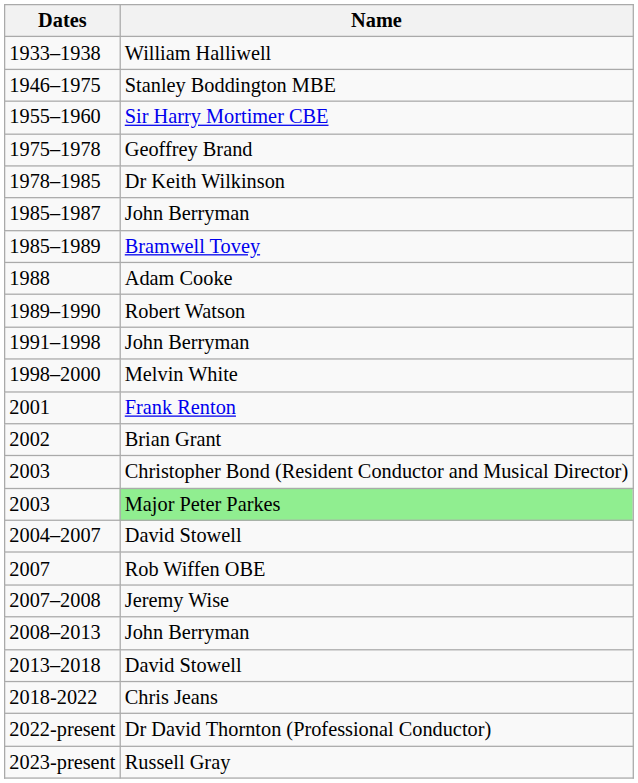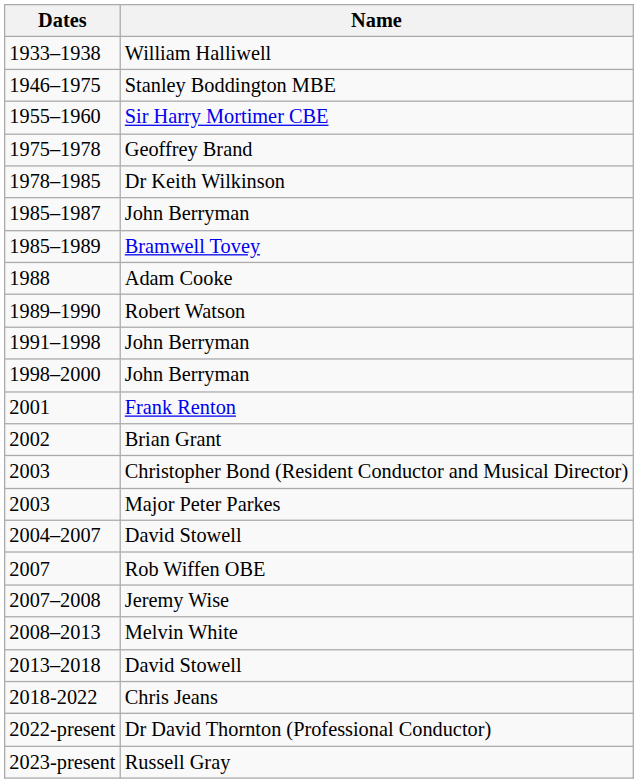 <table class="wikitable">
 <tr>
 <th>Dates</th>
 <th>Name</th>
 </tr>
 <tr>
 <td>1933–1938</td>
 <td>William Halliwell</td>
 </tr>
 <tr>
 <td>1946–1975</td>
 <td>Stanley Boddington MBE</td>
 </tr>
 <tr>
 <td>1955–1960</td>
 <td><a href='#'>Sir Harry Mortimer CBE</a></td>
 </tr>
 <tr>
 <td>1975–1978</td>
 <td>Geoffrey Brand</td>
 </tr>
 <tr>
 <td>1978–1985</td>
 <td>Dr Keith Wilkinson</td>
 </tr>
 <tr>
 <td>1985–1987</td>
 <td>John Berryman</td>
 </tr>
 <tr>
 <td>1985–1989</td>
 <td><a href='#'>Bramwell Tovey</a></td>
 </tr>
 <tr>
 <td>1988</td>
 <td>Adam Cooke</td>
 </tr>
 <tr>
 <td>1989–1990</td>
 <td>Robert Watson</td>
 </tr>
 <tr>
 <td>1991–1998</td>
 <td>John Berryman</td>
 </tr>
 <tr>
 <td>1998–2000</td>
-<td>Melvin White</td>
+<td>John Berryman</td>
 </tr>
 <tr>
 <td>2001</td>
 <td><a href='#'>Frank Renton</a></td>
 </tr>
 <tr>
 <td>2002</td>
 <td>Brian Grant</td>
 </tr>
 <tr>
 <td>2003</td>
 <td>Christopher Bond (Resident Conductor and Musical Director)</td>
 </tr>
 <tr>
 <td>2003</td>
-<td style="background: lightgreen;">Major Peter Parkes</td>
+<td>Major Peter Parkes</td>
 </tr>
 <tr>
 <td>2004–2007</td>
 <td>David Stowell</td>
 </tr>
 <tr>
 <td>2007</td>
 <td>Rob Wiffen OBE</td>
 </tr>
 <tr>
 <td>2007–2008</td>
 <td>Jeremy Wise</td>
 </tr>
 <tr>
 <td>2008–2013</td>
-<td>John Berryman</td>
+<td>Melvin White</td>
 </tr>
 <tr>
 <td>2013–2018</td>
 <td>David Stowell</td>
 </tr>
 <tr>
 <td>2018-2022</td>
 <td>Chris Jeans</td>
 </tr>
 <tr>
 <td>2022-present</td>
 <td>Dr David Thornton (Professional Conductor)</td>
 </tr>
 <tr>
 <td>2023-present</td>
 <td>Russell Gray</td>
 </tr>
 </table>
